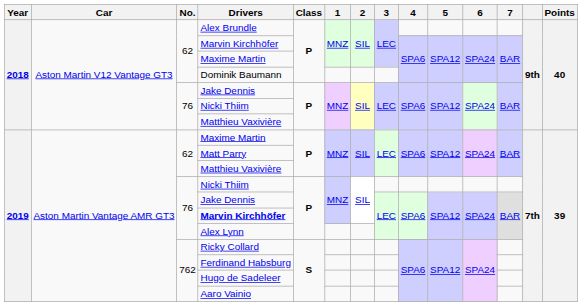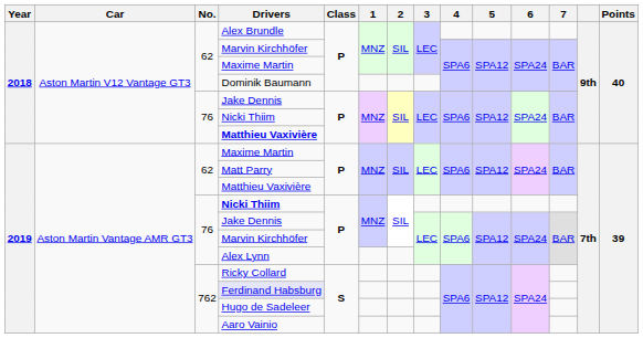 <table class="wikitable" style="font-size: 85%; text-align:center;">
 <tr valign="top">
 <th valign=middle>Year</th>
 <th valign="middle">Car</th>
 <th valign="middle">No.</th>
 <th valign="middle">Drivers</th>
 <th valign="middle">Class</th>
 <th style="width:26px;">1</th>
 <th style="width:26px;">2</th>
 <th style="width:26px;">3</th>
 <th style="width:26px;">4</th>
 <th style="width:26px;">5</th>
 <th style="width:26px;">6</th>
 <th style="width:26px;">7</th>
 <th></th>
 <th valign=middle>Points</th>
 </tr>
 <tr>
 <th rowspan=7><a href='#'>2018</a></th>
 <td rowspan=7><a href='#'>Aston Martin V12 Vantage GT3</a></td>
 <td rowspan=4>62</td>
 <td align=left> <a href='#'>Alex Brundle</a></td>
 <td rowspan=4><strong><span>P</span></strong></td>
 <td rowspan=3 style="background:#DFFFDF;"><a href='#'>MNZ</a><br></td>
 <td rowspan=3 style="background:#DFFFDF;"><a href='#'>SIL</a><br></td>
 <td rowspan=3 style="background:#CFCFFF;"><a href='#'>LEC</a><br></td>
 <td></td>
 <td></td>
 <td></td>
 <td></td>
 <th rowspan=7>9th</th>
 <th rowspan=7>40</th>
 </tr>
 <tr>
 <td align=left> <a href='#'>Marvin Kirchhöfer</a></td>
 <td rowspan=3 style="background:#CFCFFF;"><a href='#'>SPA6</a><br></td>
 <td rowspan=3 style="background:#CFCFFF;"><a href='#'>SPA12</a><br></td>
 <td rowspan=3 style="background:#CFCFFF;"><a href='#'>SPA24</a><br></td>
 <td rowspan=3 style="background:#CFCFFF;"><a href='#'>BAR</a><br></td>
 </tr>
 <tr>
 <td align=left> <a href='#'>Maxime Martin</a></td>
 </tr>
 <tr>
 <td align=left> Dominik Baumann</td>
 <td></td>
 <td></td>
 <td></td>
 </tr>
 <tr>
 <td rowspan=3>76</td>
 <td align=left> <a href='#'>Jake Dennis</a></td>
 <td rowspan=3><strong><span>P</span></strong></td>
 <td rowspan=3 style="background:#EFCFFF;"><a href='#'>MNZ</a><br></td>
 <td rowspan=3 style="background:#FFFFBF;"><a href='#'>SIL</a><br></td>
 <td rowspan=3 style="background:#CFCFFF;"><a href='#'>LEC</a><br></td>
 <td rowspan=3 style="background:#CFCFFF;"><a href='#'>SPA6</a><br></td>
 <td rowspan=3 style="background:#CFCFFF;"><a href='#'>SPA12</a><br></td>
 <td rowspan=3 style="background:#DFFFDF;"><a href='#'>SPA24</a><br></td>
 <td rowspan=3 style="background:#CFCFFF;"><a href='#'>BAR</a><br></td>
 </tr>
 <tr>
 <td align=left> <a href='#'>Nicki Thiim</a></td>
 </tr>
 <tr>
-<td align=left> <a href='#'>Matthieu Vaxivière</a></td>
+<td align=left><strong> <a href='#'>Matthieu Vaxivière</a></strong></td>
 </tr>
 <tr>
 <th rowspan=11><a href='#'>2019</a></th>
 <td rowspan=11><a href='#'>Aston Martin Vantage AMR GT3</a></td>
 <td rowspan=3>62</td>
 <td align=left> <a href='#'>Maxime Martin</a></td>
 <td rowspan=3><strong><span>P</span></strong></td>
 <td rowspan=3 style="background:#CFCFFF;"><a href='#'>MNZ</a><br></td>
 <td rowspan=3 style="background:#CFCFFF;"><a href='#'>SIL</a><br></td>
 <td rowspan=3 style="background:#DFFFDF;"><a href='#'>LEC</a><br></td>
 <td rowspan=3 style="background:#CFCFFF;"><a href='#'>SPA6</a><br></td>
 <td rowspan=3 style="background:#CFCFFF;"><a href='#'>SPA12</a><br></td>
 <td rowspan=3 style="background:#EFCFFF;"><a href='#'>SPA24</a><br></td>
 <td rowspan=3 style="background:#CFCFFF;"><a href='#'>BAR</a><br></td>
 <th rowspan=11>7th</th>
 <th rowspan=11>39</th>
 </tr>
 <tr>
 <td align=left> <a href='#'>Matt Parry</a></td>
 </tr>
 <tr>
 <td align=left> <a href='#'>Matthieu Vaxivière</a></td>
 </tr>
 <tr>
 <td rowspan=4>76</td>
-<td align=left> <a href='#'>Nicki Thiim</a></td>
+<td align=left><strong> <a href='#'>Nicki Thiim</a></strong></td>
 <td rowspan=4><strong><span>P</span></strong></td>
 <td rowspan=3 style="background:#CFCFFF;"><a href='#'>MNZ</a><br></td>
 <td rowspan=3 style="background:#FFFFFF;"><a href='#'>SIL</a><br></td>
 <td></td>
 <td></td>
 <td></td>
 <td></td>
 <td></td>
 </tr>
 <tr>
 <td align=left> <a href='#'>Jake Dennis</a></td>
 <td rowspan=3 style="background:#DFFFDF;"><a href='#'>LEC</a><br></td>
 <td rowspan=3 style="background:#DFFFDF;"><a href='#'>SPA6</a><br></td>
 <td rowspan=3 style="background:#CFCFFF;"><a href='#'>SPA12</a><br></td>
 <td rowspan=3 style="background:#CFCFFF;"><a href='#'>SPA24</a><br></td>
 <td rowspan=3 style="background:#DFDFDF;"><a href='#'>BAR</a><br></td>
 </tr>
 <tr>
-<td align=left><strong> <a href='#'>Marvin Kirchhöfer</a></strong></td>
+<td align=left> <a href='#'>Marvin Kirchhöfer</a></td>
 </tr>
 <tr>
 <td align=left> <a href='#'>Alex Lynn</a></td>
 <td></td>
 <td></td>
 </tr>
 <tr>
 <td rowspan=4 align=center>762</td>
 <td align=left> <a href='#'>Ricky Collard</a></td>
 <td rowspan=4><strong><span>S</span></strong></td>
 <td></td>
 <td></td>
 <td></td>
 <td rowspan=4 style="background:#CFCFFF;"><a href='#'>SPA6</a><br></td>
 <td rowspan=4 style="background:#CFCFFF;"><a href='#'>SPA12</a><br></td>
 <td rowspan=4 style="background:#EFCFFF;"><a href='#'>SPA24</a><br></td>
 <td></td>
 </tr>
 <tr>
-<td align=left> <a href='#'>Ferdinand Habsburg</a></td>
+<td align=left style="background: lavender;"> <a href='#'>Ferdinand Habsburg</a></td>
 <td></td>
 <td></td>
 <td></td>
 <td></td>
 </tr>
 <tr>
 <td align=left> <a href='#'>Hugo de Sadeleer</a></td>
 <td></td>
 <td></td>
 <td></td>
 <td></td>
 </tr>
 <tr>
 <td align=left> <a href='#'>Aaro Vainio</a></td>
 <td></td>
 <td></td>
 <td></td>
 <td></td>
 </tr>
 </table>
